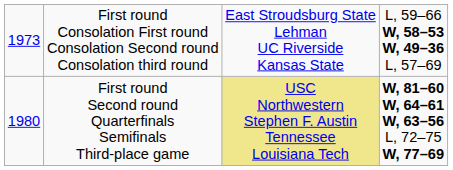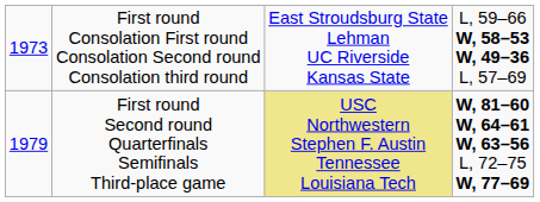 <table class="wikitable">
 <tr align="center">
 <td><a href='#'>1973</a></td>
 <td>First round<br>Consolation First round<br>Consolation Second round<br>Consolation third round</td>
 <td><a href='#'>East Stroudsburg State</a><br><a href='#'>Lehman</a><br><a href='#'>UC Riverside</a><br><a href='#'>Kansas State</a></td>
 <td>L, 59–66<br><strong>W, 58–53</strong><br><strong>W, 49–36</strong><br>L, 57–69</td>
 </tr>
 <tr align="center">
-<td><a href='#'>1980</a></td>
+<td><a href='#'>1979</a></td>
 <td>First round<br>Second round<br>Quarterfinals<br>Semifinals<br>Third-place game</td>
 <td style="background: khaki;"><a href='#'>USC</a><br><a href='#'>Northwestern</a><br><a href='#'>Stephen F. Austin</a><br><a href='#'>Tennessee</a><br><a href='#'>Louisiana Tech</a></td>
 <td><strong>W, 81–60</strong><br><strong>W, 64–61</strong><br><strong>W, 63–56</strong><br>L, 72–75<br><strong>W, 77–69</strong></td>
 </tr>
 </table>
